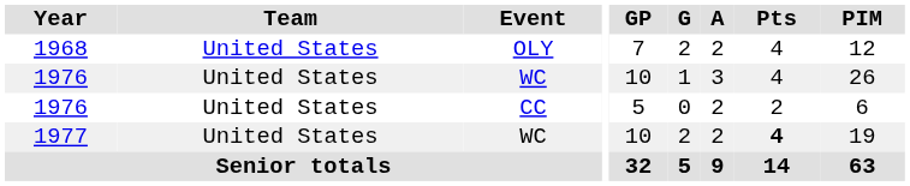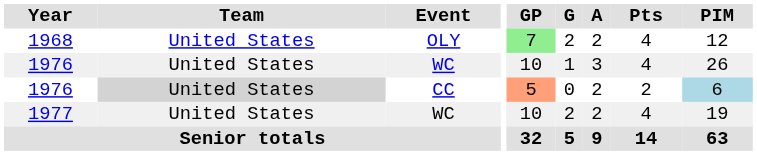 <table border="0" cellpadding="1" cellspacing="0" ID="Table3" style="text-align:center; width:40em">
 <tr bgcolor="#e0e0e0">
 <th>Year</th>
 <th>Team</th>
 <th>Event</th>
 <th rowspan="102" bgcolor="#ffffff"></th>
 <th>GP</th>
 <th>G</th>
 <th>A</th>
 <th>Pts</th>
 <th>PIM</th>
 </tr>
 <tr>
 <td><a href='#'>1968</a></td>
 <td><a href='#'>United States</a></td>
 <td><a href='#'>OLY</a></td>
-<td>7</td>
+<td style="background: lightgreen;">7</td>
 <td>2</td>
 <td>2</td>
 <td>4</td>
 <td>12</td>
 </tr>
 <tr bgcolor="#f0f0f0">
 <td><a href='#'>1976</a></td>
 <td>United States</td>
 <td><a href='#'>WC</a></td>
 <td>10</td>
 <td>1</td>
 <td>3</td>
 <td>4</td>
 <td>26</td>
 </tr>
 <tr>
 <td><a href='#'>1976</a></td>
-<td>United States</td>
+<td style="background: lightgrey;">United States</td>
 <td><a href='#'>CC</a></td>
-<td>5</td>
+<td style="background: lightsalmon;">5</td>
 <td>0</td>
 <td>2</td>
 <td>2</td>
-<td>6</td>
+<td style="background: lightblue;">6</td>
 </tr>
 <tr bgcolor="#f0f0f0">
 <td><a href='#'>1977</a></td>
 <td>United States</td>
 <td>WC</td>
 <td>10</td>
 <td>2</td>
 <td>2</td>
-<td><strong>4</strong></td>
+<td>4</td>
 <td>19</td>
 </tr>
 <tr bgcolor="#e0e0e0">
 <th colspan="3">Senior totals</th>
 <th>32</th>
 <th>5</th>
 <th>9</th>
 <th>14</th>
 <th>63</th>
 </tr>
 </table>
